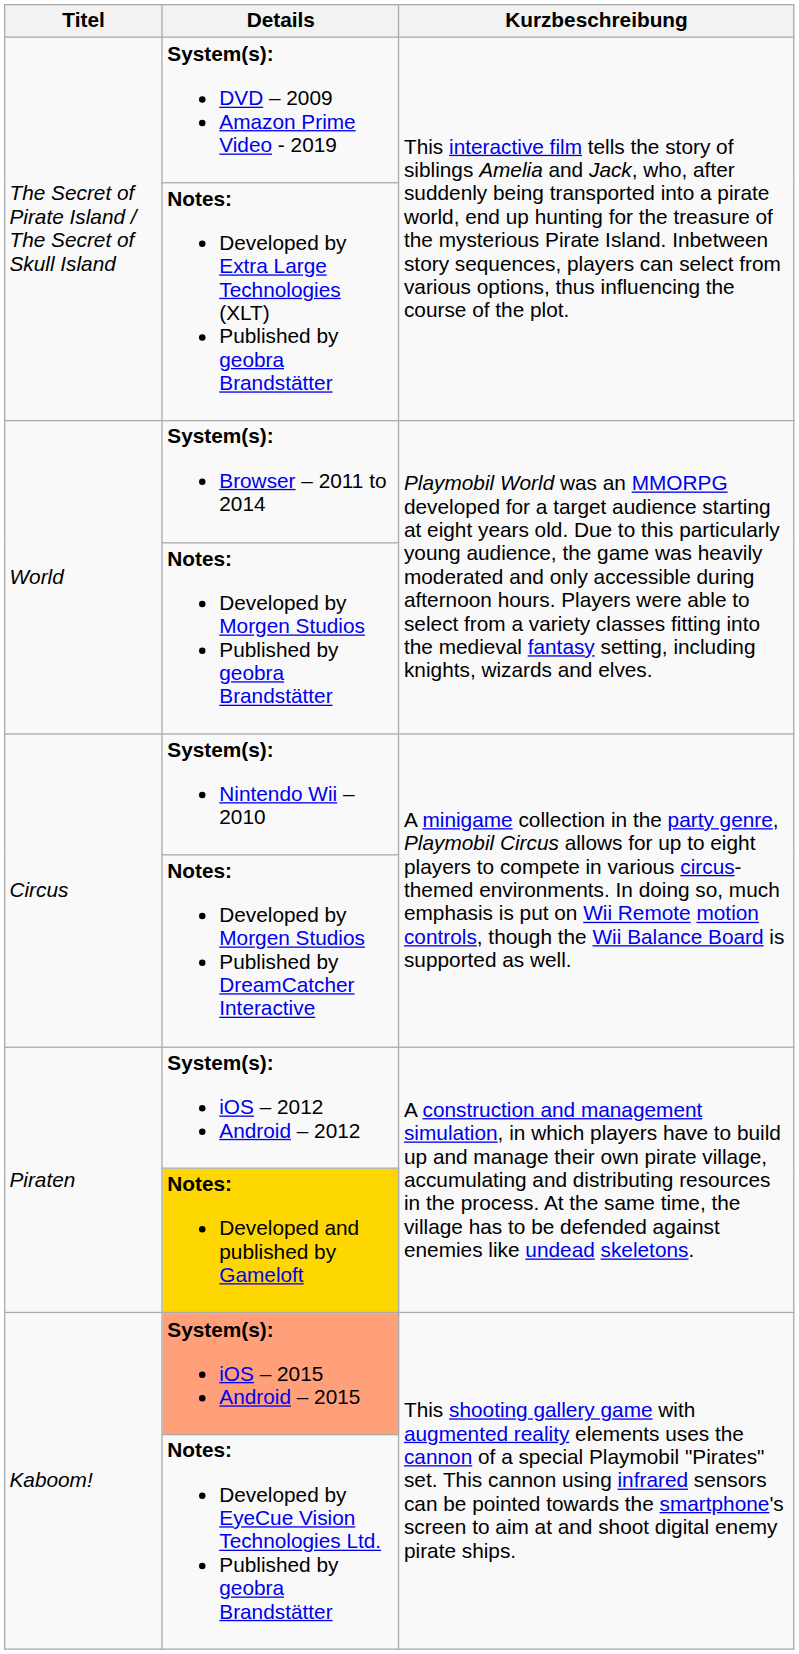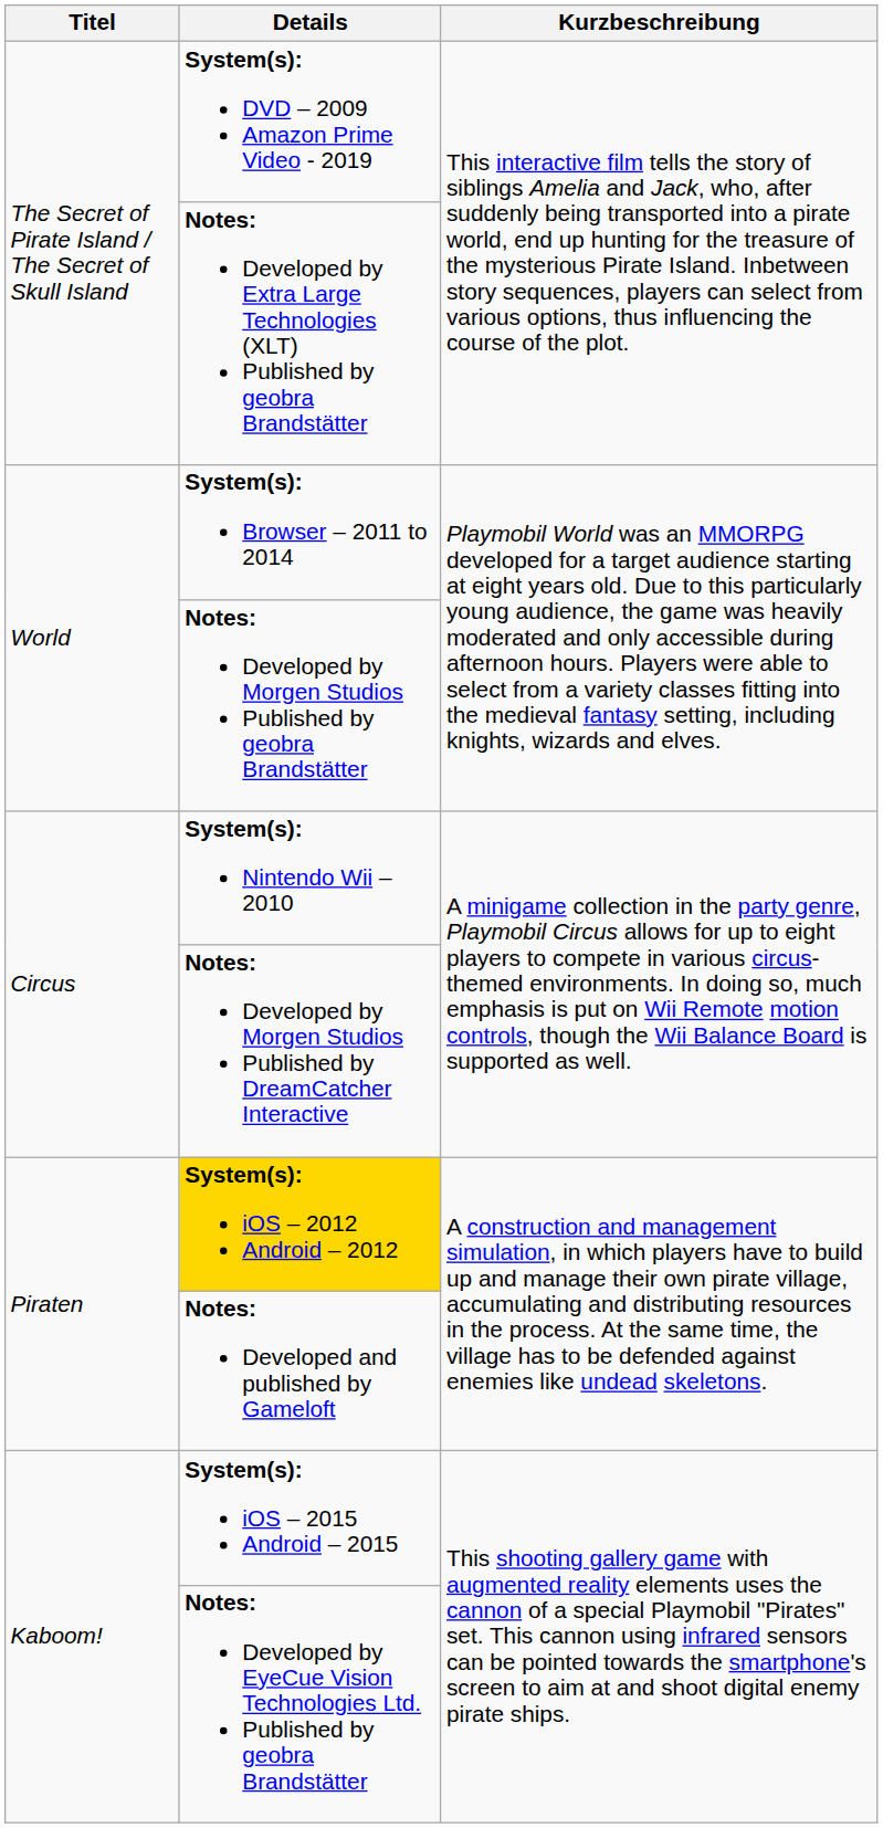 <table class="wikitable">
 <tr>
 <th style="width:20%;">Titel</th>
 <th style="width:30%;">Details</th>
 <th style="width:50%;">Kurzbeschreibung</th>
 </tr>
 <tr>
 <td rowspan="2"><div><em>The Secret of Pirate Island / The Secret of Skull Island</em></div></td>
 <td><strong>System(s):</strong><br><ul><li><a href='#'>DVD</a> – 2009</li><li><a href='#'>Amazon Prime Video</a> - 2019</li></ul></td>
 <td rowspan="2">This <a href='#'>interactive film</a> tells the story of siblings <em>Amelia</em> and <em>Jack</em>, who, after suddenly being transported into a pirate world, end up hunting for the treasure of the mysterious Pirate Island. Inbetween story sequences, players can select from various options, thus influencing the course of the plot.</td>
 </tr>
 <tr>
 <td><strong>Notes:</strong><br><ul><li>Developed by <a href='#'>Extra Large Technologies</a> (XLT)</li><li>Published by <a href='#'>geobra Brandstätter</a></li></ul></td>
 </tr>
 <tr>
 <td rowspan=2><div><em>World</em></div></td>
 <td><strong>System(s):</strong><br><ul><li><a href='#'>Browser</a> – 2011 to 2014</li></ul></td>
 <td rowspan=2><em>Playmobil World</em> was an <a href='#'>MMORPG</a> developed for a target audience starting at eight years old. Due to this particularly young audience, the game was heavily moderated and only accessible during afternoon hours. Players were able to select from a variety classes fitting into the medieval <a href='#'>fantasy</a> setting, including knights, wizards and elves.</td>
 </tr>
 <tr>
 <td><strong>Notes:</strong><br><ul><li>Developed by <a href='#'>Morgen Studios</a></li><li>Published by <a href='#'>geobra Brandstätter</a></li></ul></td>
 </tr>
 <tr>
 <td rowspan="2"><div><em>Circus</em></div></td>
 <td><strong>System(s):</strong><br><ul><li><a href='#'>Nintendo Wii</a> – 2010</li></ul></td>
 <td rowspan="2">A <a href='#'>minigame</a> collection in the <a href='#'>party genre</a>, <em>Playmobil Circus</em> allows for up to eight players to compete in various <a href='#'>circus</a>-themed environments. In doing so, much emphasis is put on <a href='#'>Wii Remote</a> <a href='#'>motion controls</a>, though the <a href='#'>Wii Balance Board</a> is supported as well.</td>
 </tr>
 <tr>
 <td><strong>Notes:</strong><br><ul><li>Developed by <a href='#'>Morgen Studios</a></li><li>Published by <a href='#'>DreamCatcher Interactive</a></li></ul></td>
 </tr>
 <tr>
 <td rowspan="2"><div><em>Piraten</em></div></td>
-<td><strong>System(s):</strong><br><ul><li><a href='#'>iOS</a> – 2012</li><li><a href='#'>Android</a> – 2012</li></ul></td>
+<td style="background: gold;"><strong>System(s):</strong><br><ul><li><a href='#'>iOS</a> – 2012</li><li><a href='#'>Android</a> – 2012</li></ul></td>
 <td rowspan="2">A <a href='#'>construction and management simulation</a>, in which players have to build up and manage their own pirate village, accumulating and distributing resources in the process. At the same time, the village has to be defended against enemies like <a href='#'>undead</a> <a href='#'>skeletons</a>.</td>
 </tr>
 <tr>
-<td style="background: gold;"><strong>Notes:</strong><br><ul><li>Developed and published by <a href='#'>Gameloft</a></li></ul></td>
+<td><strong>Notes:</strong><br><ul><li>Developed and published by <a href='#'>Gameloft</a></li></ul></td>
 </tr>
 <tr>
 <td rowspan="2"><div><em>Kaboom!</em></div></td>
-<td style="background: lightsalmon;"><strong>System(s):</strong><br><ul><li><a href='#'>iOS</a> – 2015</li><li><a href='#'>Android</a> – 2015</li></ul></td>
+<td><strong>System(s):</strong><br><ul><li><a href='#'>iOS</a> – 2015</li><li><a href='#'>Android</a> – 2015</li></ul></td>
 <td rowspan="2">This  <a href='#'>shooting gallery game</a> with <a href='#'>augmented reality</a> elements uses the <a href='#'>cannon</a> of a special Playmobil "Pirates" set. This cannon using <a href='#'>infrared</a> sensors can be pointed towards the <a href='#'>smartphone</a>'s screen to aim at and shoot digital enemy pirate ships.</td>
 </tr>
 <tr>
 <td><strong>Notes:</strong><br><ul><li>Developed by <a href='#'>EyeCue Vision Technologies Ltd.</a></li><li>Published by <a href='#'>geobra Brandstätter</a></li></ul></td>
 </tr>
 </table>
